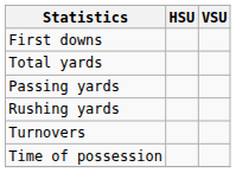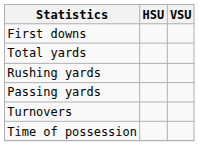 <table class="wikitable">
 <tr>
 <th>Statistics</th>
 <th>HSU</th>
 <th>VSU</th>
 </tr>
 <tr>
 <td>First downs</td>
 <td></td>
 <td></td>
 </tr>
 <tr>
 <td>Total yards</td>
 <td></td>
 <td></td>
 </tr>
 <tr>
-<td>Passing yards</td>
+<td>Rushing yards</td>
 <td></td>
 <td></td>
 </tr>
 <tr>
-<td>Rushing yards</td>
+<td>Passing yards</td>
 <td></td>
 <td></td>
 </tr>
 <tr>
 <td>Turnovers</td>
 <td></td>
 <td></td>
 </tr>
 <tr>
 <td>Time of possession</td>
 <td></td>
 <td></td>
 </tr>
 <tr>
 </tr>
 </table>
